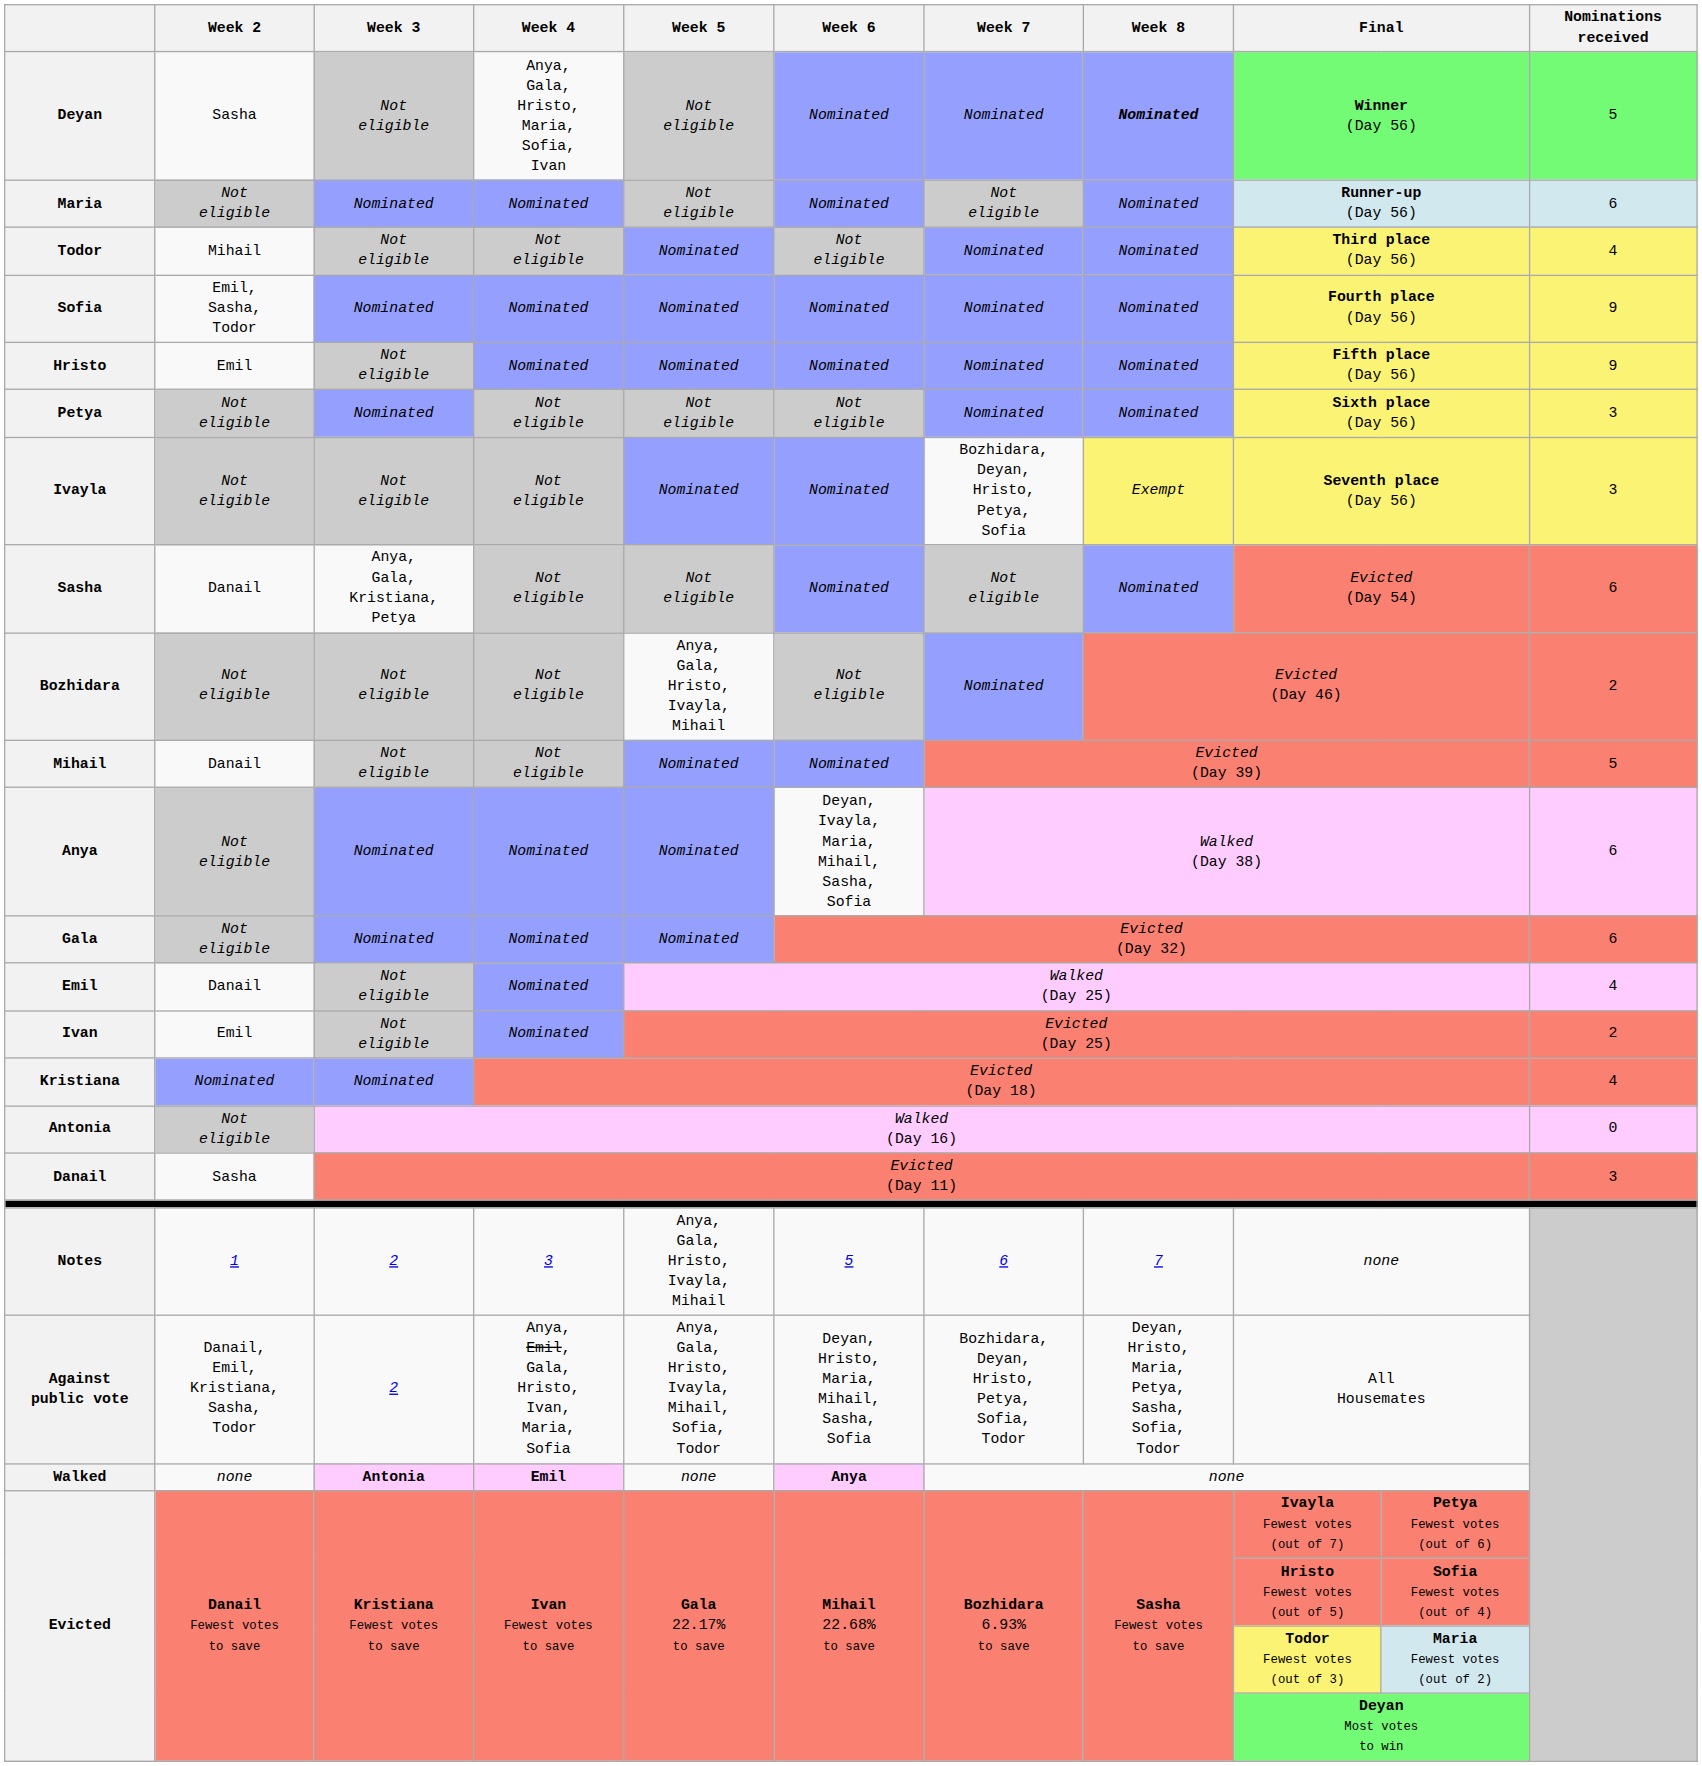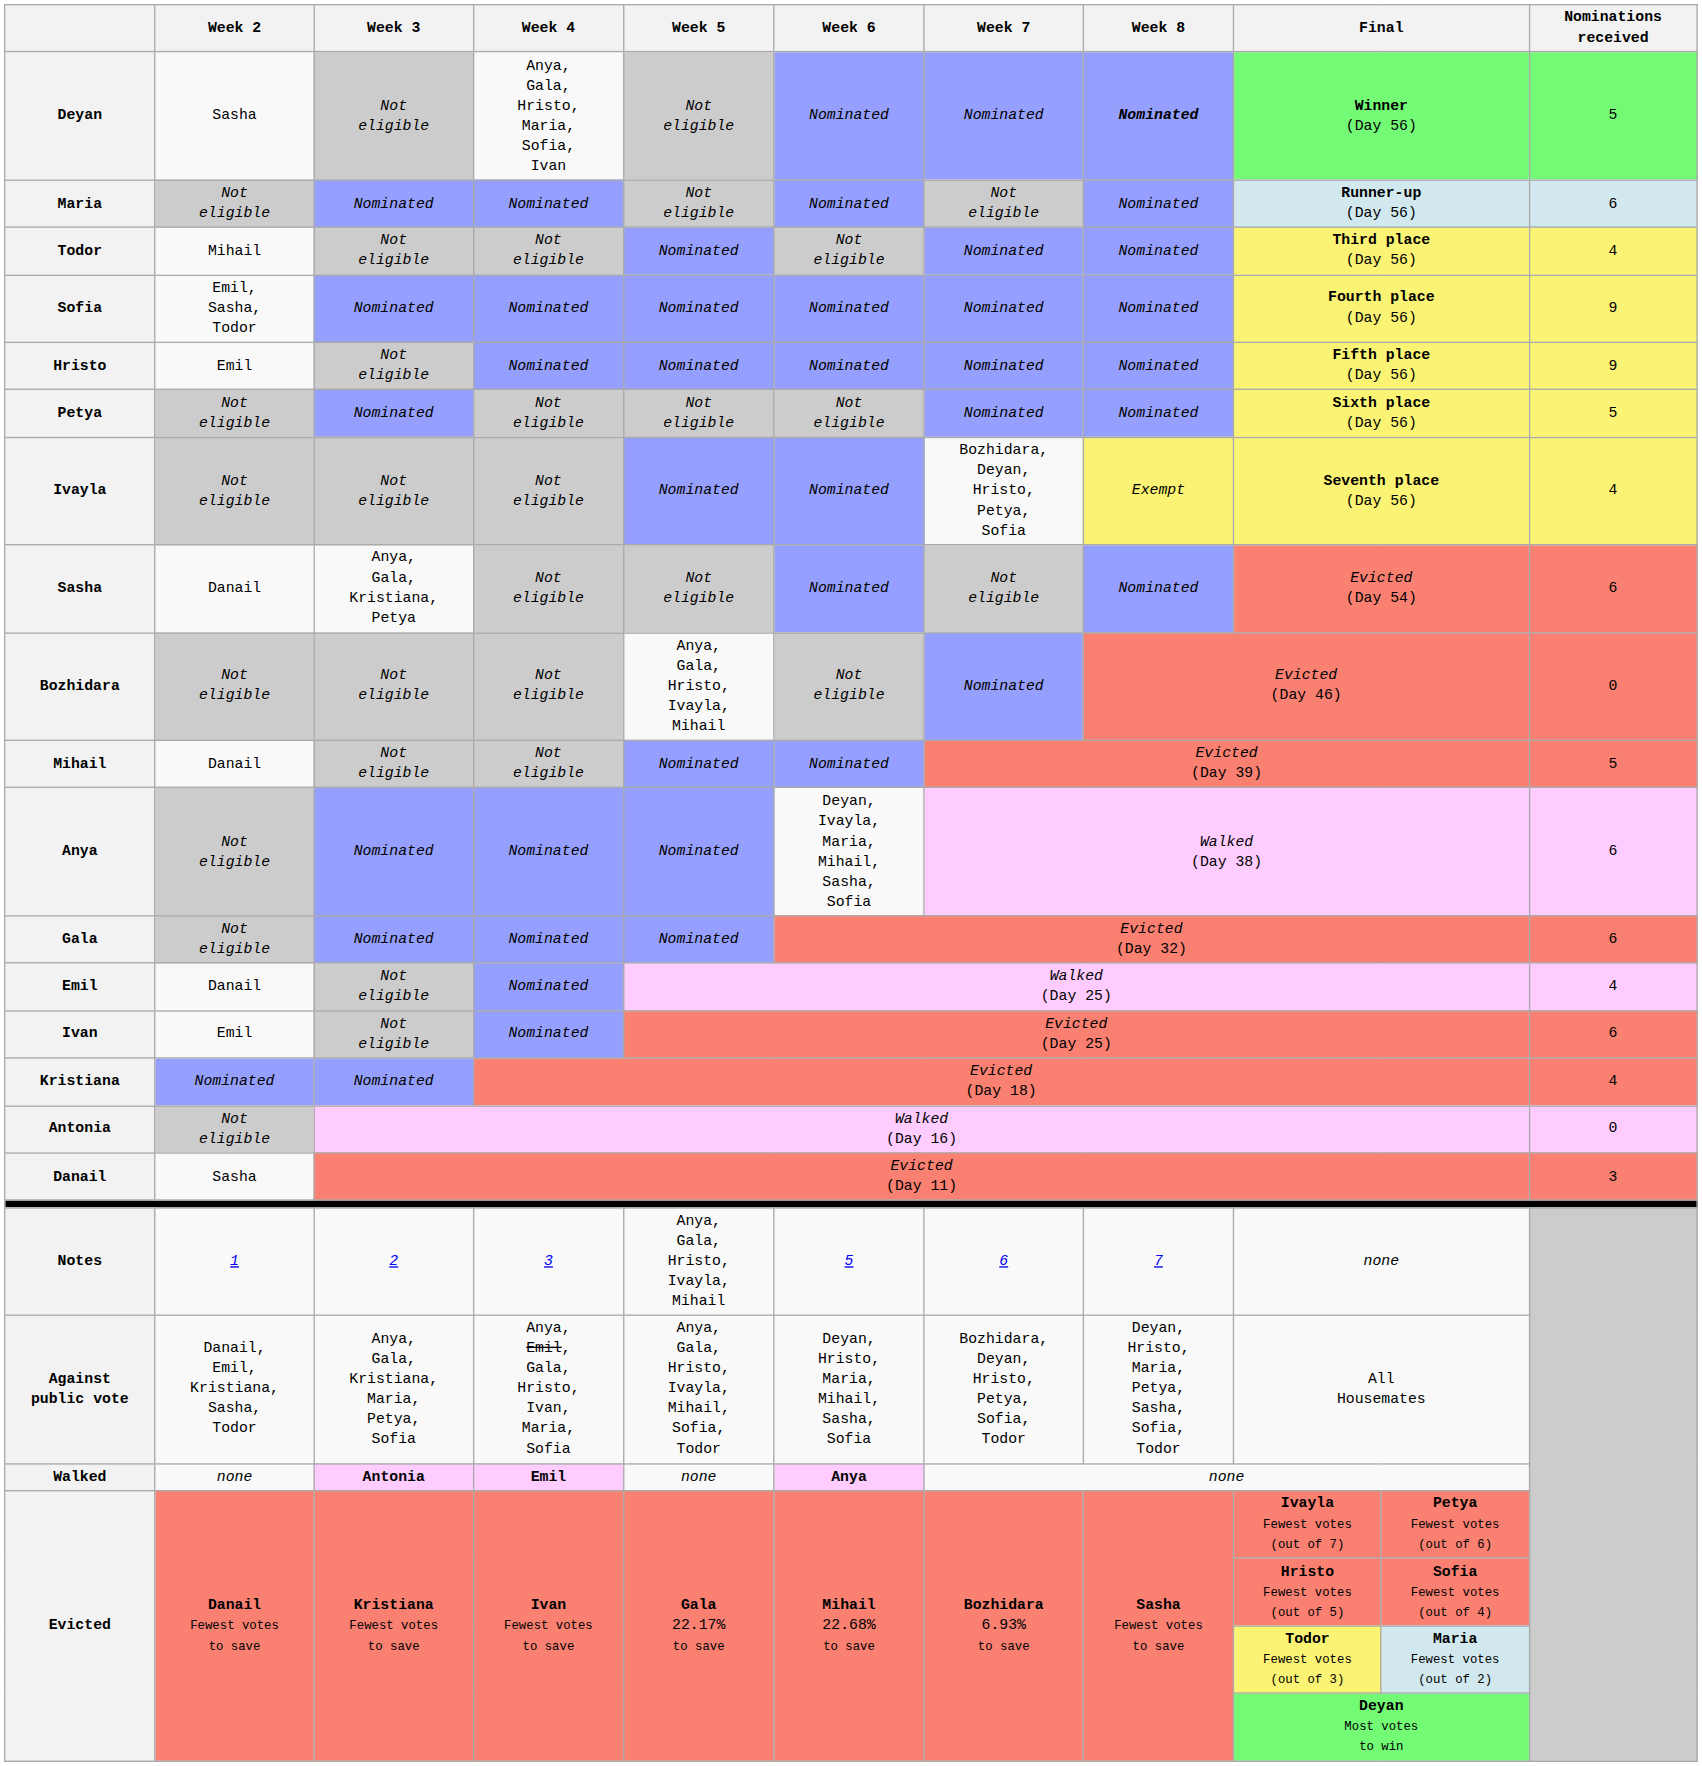 <table class="wikitable" style="text-align:center; width:100%; font-size:85%; line-height:15px">
 <tr>
 <th style="width:5%"></th>
 <th style="width:5%">Week 2</th>
 <th style="width:5%">Week 3</th>
 <th style="width:5%">Week 4</th>
 <th style="width:5%">Week 5</th>
 <th style="width:5%">Week 6</th>
 <th style="width:5%">Week 7</th>
 <th style="width:5%">Week 8</th>
 <th colspan=2 style="width:10%">Final</th>
 <th style="width:5%">Nominations<br>received</th>
 </tr>
 <tr>
 <th>Deyan</th>
 <td>Sasha</td>
 <td style="background:#CCCCCC;"><em>Not<br>eligible</em></td>
 <td>Anya,<br>Gala,<br>Hristo,<br>Maria,<br>Sofia,<br>Ivan</td>
 <td style="background:#CCCCCC;"><em>Not<br>eligible</em></td>
 <td bgcolor=#959FFD><em>Nominated</em></td>
 <td bgcolor=#959FFD><em>Nominated</em></td>
 <td bgcolor=#959FFD><strong><em>Nominated</em></strong></td>
 <td colspan=2 style="background:#73FB76;"><strong>Winner</strong><br>(Day 56)</td>
 <td style="background:#73FB76;;">5</td>
 </tr>
 <tr>
 <th>Maria</th>
 <td style="background:#CCCCCC;"><em>Not<br>eligible</em></td>
 <td bgcolor=#959FFD><em>Nominated</em></td>
 <td bgcolor=#959FFD><em>Nominated</em></td>
 <td style="background:#CCCCCC;"><em>Not<br>eligible</em></td>
 <td bgcolor=#959FFD><em>Nominated</em></td>
 <td style="background:#CCCCCC;"><em>Not<br>eligible</em></td>
 <td bgcolor=#959FFD><em>Nominated</em></td>
 <td colspan=2 style="background:#D1E8EF;"><strong>Runner-up</strong><br>(Day 56)</td>
 <td style="background:#D1E8EF;;">6</td>
 </tr>
 <tr>
 <th>Todor</th>
 <td>Mihail</td>
 <td style="background:#CCCCCC;"><em>Not<br>eligible</em></td>
 <td style="background:#CCCCCC;"><em>Not<br>eligible</em></td>
 <td bgcolor=#959FFD><em>Nominated</em></td>
 <td style="background:#CCCCCC;"><em>Not<br>eligible</em></td>
 <td bgcolor=#959FFD><em>Nominated</em></td>
 <td bgcolor=#959FFD><em>Nominated</em></td>
 <td colspan=2 style="background:#FBF373;"><strong>Third place</strong><br>(Day 56)</td>
 <td style="background:#FBF373;;">4</td>
 </tr>
 <tr>
 <th>Sofia</th>
 <td>Emil,<br>Sasha,<br>Todor</td>
 <td bgcolor=#959FFD><em>Nominated</em></td>
 <td bgcolor=#959FFD><em>Nominated</em></td>
 <td bgcolor=#959FFD><em>Nominated</em></td>
 <td bgcolor=#959FFD><em>Nominated</em></td>
 <td bgcolor=#959FFD><em>Nominated</em></td>
 <td bgcolor=#959FFD><em>Nominated</em></td>
 <td colspan=2 style="background:#FBF373;"><strong>Fourth place</strong><br>(Day 56)</td>
 <td style="background:#FBF373;;">9</td>
 </tr>
 <tr>
 <th>Hristo</th>
 <td>Emil</td>
 <td style="background:#CCCCCC;"><em>Not<br>eligible</em></td>
 <td bgcolor=#959FFD><em>Nominated</em></td>
 <td bgcolor=#959FFD><em>Nominated</em></td>
 <td bgcolor=#959FFD><em>Nominated</em></td>
 <td bgcolor=#959FFD><em>Nominated</em></td>
 <td bgcolor=#959FFD><em>Nominated</em></td>
 <td colspan=2 style="background:#FBF373;"><strong>Fifth place</strong><br>(Day 56)</td>
 <td style="background:#FBF373;;">9</td>
 </tr>
 <tr>
 <th>Petya</th>
 <td style="background:#CCCCCC;"><em>Not<br>eligible</em></td>
 <td bgcolor=#959FFD><em>Nominated</em></td>
 <td style="background:#CCCCCC;"><em>Not<br>eligible</em></td>
 <td style="background:#CCCCCC;"><em>Not<br>eligible</em></td>
 <td style="background:#CCCCCC;"><em>Not<br>eligible</em></td>
 <td bgcolor=#959FFD><em>Nominated</em></td>
 <td bgcolor=#959FFD><em>Nominated</em></td>
 <td colspan=2 style="background:#FBF373;"><strong>Sixth place</strong><br>(Day 56)</td>
-<td style="background:#FBF373;;">3</td>
+<td style="background:#FBF373;;">5</td>
 </tr>
 <tr>
 <th>Ivayla</th>
 <td style="background:#CCCCCC;"><em>Not<br>eligible</em></td>
 <td style="background:#CCCCCC;"><em>Not<br>eligible</em></td>
 <td style="background:#CCCCCC;"><em>Not<br>eligible</em></td>
 <td bgcolor=#959FFD><em>Nominated</em></td>
 <td bgcolor=#959FFD><em>Nominated</em></td>
 <td>Bozhidara,<br>Deyan,<br>Hristo,<br>Petya,<br>Sofia</td>
 <td style="background:#FBF373;"><em>Exempt</em></td>
 <td colspan=2 style="background:#FBF373;"><strong>Seventh place</strong><br>(Day 56)</td>
-<td style="background:#FBF373;;">3</td>
+<td style="background:#FBF373;;">4</td>
 </tr>
 <tr>
 <th>Sasha</th>
 <td>Danail</td>
 <td>Anya,<br>Gala,<br>Kristiana,<br>Petya</td>
 <td style="background:#CCCCCC;"><em>Not<br>eligible</em></td>
 <td style="background:#CCCCCC;"><em>Not<br>eligible</em></td>
 <td bgcolor=#959FFD><em>Nominated</em></td>
 <td style="background:#CCCCCC;"><em>Not<br>eligible</em></td>
 <td bgcolor=#959FFD><em>Nominated</em></td>
 <td style="background:#FA8072;" colspan="2"><em>Evicted</em><br>(Day 54)</td>
 <td style="background:#FA8072;">6</td>
 </tr>
 <tr>
 <th>Bozhidara</th>
 <td style="background:#CCCCCC;"><em>Not<br>eligible</em></td>
 <td style="background:#CCCCCC;"><em>Not<br>eligible</em></td>
 <td style="background:#CCCCCC;"><em>Not<br>eligible</em></td>
 <td>Anya,<br>Gala,<br>Hristo,<br>Ivayla,<br>Mihail</td>
 <td style="background:#CCCCCC;"><em>Not<br>eligible</em></td>
 <td bgcolor=#959FFD><em>Nominated</em></td>
 <td style="background:#FA8072;" colspan="3"><em>Evicted</em><br>(Day 46)</td>
-<td style="background:#FA8072;">2</td>
+<td style="background:#FA8072;">0</td>
 </tr>
 <tr>
 <th>Mihail</th>
 <td>Danail</td>
 <td style="background:#CCCCCC;"><em>Not<br>eligible</em></td>
 <td style="background:#CCCCCC;"><em>Not<br>eligible</em></td>
 <td bgcolor=#959FFD><em>Nominated</em></td>
 <td bgcolor=#959FFD><em>Nominated</em></td>
 <td style="background:#FA8072;" colspan="4"><em>Evicted</em><br>(Day 39)</td>
 <td style="background:#FA8072;">5</td>
 </tr>
 <tr>
 <th>Anya</th>
 <td style="background:#CCCCCC;"><em>Not<br>eligible</em></td>
 <td bgcolor=#959FFD><em>Nominated</em></td>
 <td bgcolor=#959FFD><em>Nominated</em></td>
 <td bgcolor=#959FFD><em>Nominated</em></td>
 <td>Deyan,<br>Ivayla,<br>Maria,<br>Mihail,<br>Sasha,<br>Sofia</td>
 <td style="background:#fcf;" colspan="4"><em>Walked</em><br>(Day 38)</td>
 <td bgcolor="FFCCFF">6</td>
 </tr>
 <tr>
 <th>Gala</th>
 <td style="background:#CCCCCC;"><em>Not<br>eligible</em></td>
 <td bgcolor=#959FFD><em>Nominated</em></td>
 <td bgcolor=#959FFD><em>Nominated</em></td>
 <td bgcolor=#959FFD><em>Nominated</em></td>
 <td style="background:#FA8072;" colspan="5"><em>Evicted</em><br>(Day 32)</td>
 <td style="background:#FA8072;">6</td>
 </tr>
 <tr>
 <th>Emil</th>
 <td>Danail</td>
 <td style="background:#CCCCCC;"><em>Not<br>eligible</em></td>
 <td bgcolor=#959FFD><em>Nominated</em></td>
 <td style="background:#fcf;" colspan="6"><em>Walked</em><br>(Day 25)</td>
 <td bgcolor="FFCCFF">4</td>
 </tr>
 <tr>
 <th>Ivan</th>
 <td>Emil</td>
 <td style="background:#CCCCCC;"><em>Not<br>eligible</em></td>
 <td bgcolor=#959FFD><em>Nominated</em></td>
 <td style="background:#FA8072;" colspan="6"><em>Evicted</em><br>(Day 25)</td>
-<td style="background:#FA8072;">2</td>
+<td style="background:#FA8072;">6</td>
 </tr>
 <tr>
 <th>Kristiana</th>
 <td bgcolor=#959FFD><em>Nominated</em></td>
 <td bgcolor=#959FFD><em>Nominated</em></td>
 <td style="background:#FA8072;" colspan="7"><em>Evicted</em><br>(Day 18)</td>
 <td style="background:#FA8072;">4</td>
 </tr>
 <tr>
 <th>Antonia</th>
 <td style="background:#CCCCCC;"><em>Not<br>eligible</em></td>
 <td style="background:#fcf;" colspan="8"><em>Walked</em><br>(Day 16)</td>
 <td bgcolor="FFCCFF">0</td>
 </tr>
 <tr>
 <th>Danail</th>
 <td>Sasha</td>
 <td style="background:#FA8072;" colspan="8"><em>Evicted</em><br>(Day 11)</td>
 <td style="background:#FA8072;">3</td>
 </tr>
 <tr>
 <th colspan="11" style="background:#000;"></th>
 </tr>
 <tr>
 <th>Notes</th>
 <td><em><a href='#'>1</a></em></td>
 <td><em><a href='#'>2</a></em></td>
 <td><em><a href='#'>3</a></em></td>
 <td>Anya,<br>Gala,<br>Hristo,<br>Ivayla,<br>Mihail</td>
 <td><em><a href='#'>5</a></em></td>
 <td><em><a href='#'>6</a></em></td>
 <td><em><a href='#'>7</a></em></td>
 <td colspan=2><em>none</em></td>
 <td rowspan=7 bgcolor="CCCCCC"></td>
 </tr>
 <tr>
 <th>Against<br>public vote</th>
 <td>Danail,<br>Emil,<br>Kristiana,<br>Sasha,<br>Todor</td>
-<td><em><a href='#'>2</a></em></td>
+<td>Anya,<br>Gala,<br>Kristiana,<br>Maria,<br>Petya,<br>Sofia</td>
 <td>Anya,<br><s>Emil</s>,<br>Gala,<br>Hristo,<br>Ivan,<br>Maria,<br>Sofia</td>
 <td>Anya,<br>Gala,<br>Hristo,<br>Ivayla,<br>Mihail,<br>Sofia,<br>Todor</td>
 <td>Deyan,<br>Hristo,<br>Maria,<br>Mihail,<br>Sasha,<br>Sofia</td>
 <td>Bozhidara,<br>Deyan,<br>Hristo,<br>Petya,<br>Sofia,<br>Todor</td>
 <td>Deyan,<br>Hristo,<br>Maria,<br>Petya,<br>Sasha,<br>Sofia,<br>Todor</td>
 <td colspan=2>All<br>Housemates</td>
 </tr>
 <tr>
 <th>Walked</th>
 <td><em>none</em></td>
 <td style="background:#ffccff;"><strong>Antonia</strong></td>
 <td style="background:#ffccff;"><strong>Emil</strong></td>
 <td><em>none</em></td>
 <td style="background:#ffccff;"><strong>Anya</strong></td>
 <td colspan=4><em>none</em></td>
 </tr>
 <tr>
 <th rowspan=4>Evicted</th>
 <td rowspan=4 style="background:#FA8072"><strong>Danail</strong><br><small>Fewest votes<br>to save</small></td>
 <td rowspan=4 style="background:#FA8072"><strong>Kristiana</strong><br><small>Fewest votes<br>to save</small></td>
 <td rowspan=4 style="background:#FA8072"><strong>Ivan</strong><br><small>Fewest votes<br>to save</small></td>
 <td rowspan=4 style="background:#FA8072"><strong>Gala</strong><br>22.17%<br><small>to save</small></td>
 <td rowspan=4 style="background:#FA8072"><strong>Mihail</strong><br>22.68%<br><small>to save</small></td>
 <td rowspan=4 style="background:#FA8072"><strong>Bozhidara</strong><br>6.93%<br><small>to save</small></td>
 <td rowspan=4 style="background:#FA8072"><strong>Sasha</strong><br><small>Fewest votes<br>to save</small></td>
 <td style="background:#fa8072;"><strong>Ivayla</strong><br><small>Fewest votes<br>(out of 7)</small></td>
 <td style="background:#fa8072;"><strong>Petya</strong><br><small>Fewest votes<br>(out of 6)</small></td>
 </tr>
 <tr>
 <td style="background:#fa8072;"><strong>Hristo</strong><br><small>Fewest votes<br>(out of 5)</small></td>
 <td style="background:#fa8072;"><strong>Sofia</strong><br><small>Fewest votes<br>(out of 4)</small></td>
 </tr>
 <tr>
 <td style="background:#FBF373;"><strong>Todor</strong><br><small>Fewest votes<br>(out of 3)</small></td>
 <td style="background:#D1E8EF"><strong>Maria</strong><br><small>Fewest votes<br>(out of 2)</small></td>
 </tr>
 <tr>
 <td colspan=2 style="background:#73FB76"><strong>Deyan</strong><br><small>Most votes<br>to win</small></td>
 </tr>
 <tr>
 </tr>
 </table>
